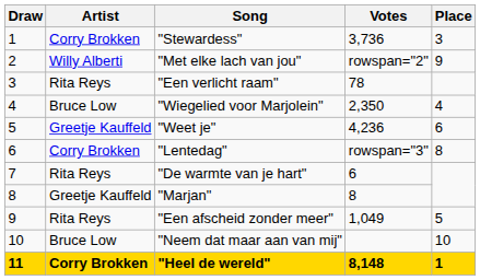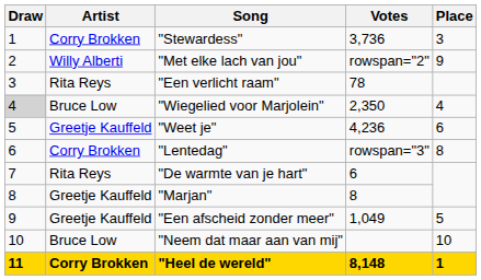 <table class="sortable wikitable" style="margin: 1em auto 1em auto">
 <tr>
 <th>Draw</th>
 <th>Artist</th>
 <th>Song</th>
 <th>Votes</th>
 <th>Place</th>
 </tr>
 <tr>
 <td>1</td>
 <td><a href='#'>Corry Brokken</a></td>
 <td>"Stewardess"</td>
 <td>3,736</td>
 <td>3</td>
 </tr>
 <tr>
 <td>2</td>
 <td><a href='#'>Willy Alberti</a></td>
 <td>"Met elke lach van jou"</td>
 <td>rowspan="2" </td>
 <td>9</td>
 </tr>
 <tr>
 <td>3</td>
 <td>Rita Reys</td>
 <td>"Een verlicht raam"</td>
 <td>78</td>
 </tr>
 <tr>
-<td>4</td>
+<td style="background: lightgrey;">4</td>
 <td>Bruce Low</td>
 <td>"Wiegelied voor Marjolein"</td>
 <td>2,350</td>
 <td>4</td>
 </tr>
 <tr>
 <td>5</td>
 <td><a href='#'>Greetje Kauffeld</a></td>
 <td>"Weet je"</td>
 <td>4,236</td>
 <td>6</td>
 </tr>
 <tr>
 <td>6</td>
 <td><a href='#'>Corry Brokken</a></td>
 <td>"Lentedag"</td>
 <td>rowspan="3" </td>
 <td>8</td>
 </tr>
 <tr>
 <td>7</td>
 <td>Rita Reys</td>
 <td>"De warmte van je hart"</td>
 <td>6</td>
 </tr>
 <tr>
 <td>8</td>
 <td>Greetje Kauffeld</td>
 <td>"Marjan"</td>
 <td>8</td>
 </tr>
 <tr>
 <td>9</td>
-<td>Rita Reys</td>
+<td>Greetje Kauffeld</td>
 <td>"Een afscheid zonder meer"</td>
 <td>1,049</td>
 <td>5</td>
 </tr>
 <tr>
 <td>10</td>
 <td>Bruce Low</td>
 <td>"Neem dat maar aan van mij"</td>
 <td></td>
 <td>10</td>
 </tr>
 <tr bgcolor="#FFD700">
 <td><strong>11</strong></td>
 <td><strong>Corry Brokken</strong></td>
 <td><strong>"Heel de wereld"</strong></td>
 <td><strong>8,148</strong></td>
 <td><strong>1</strong></td>
 </tr>
 </table>
